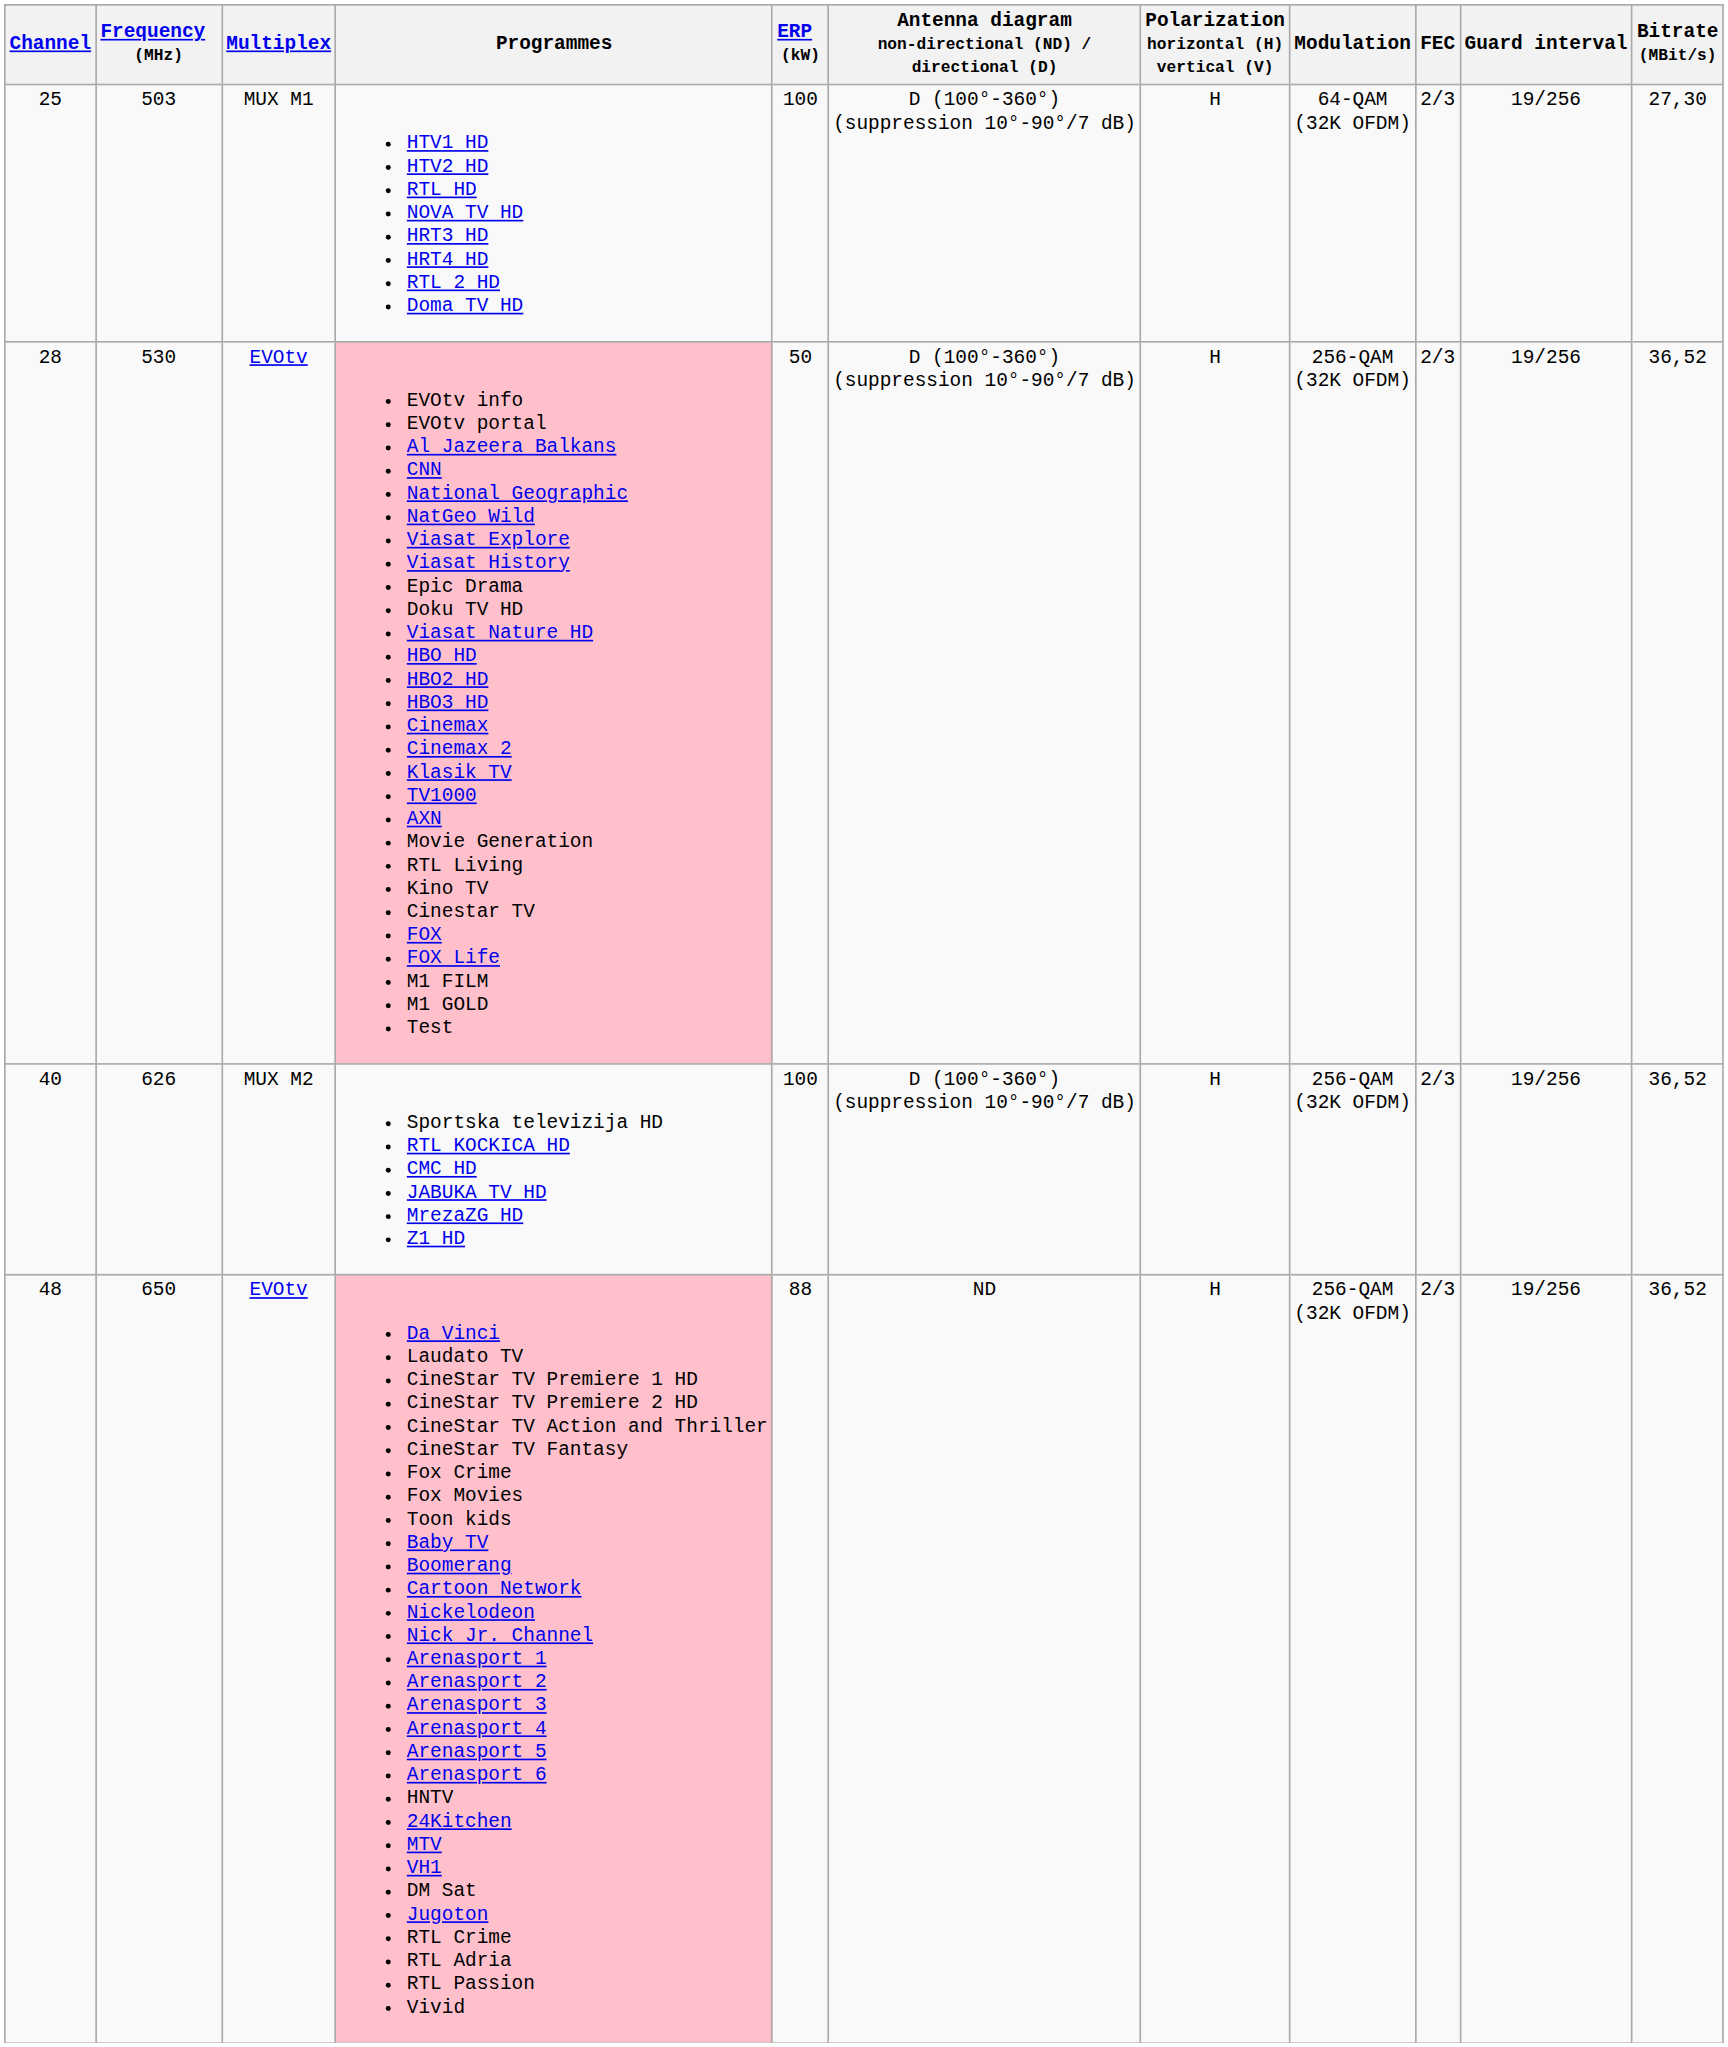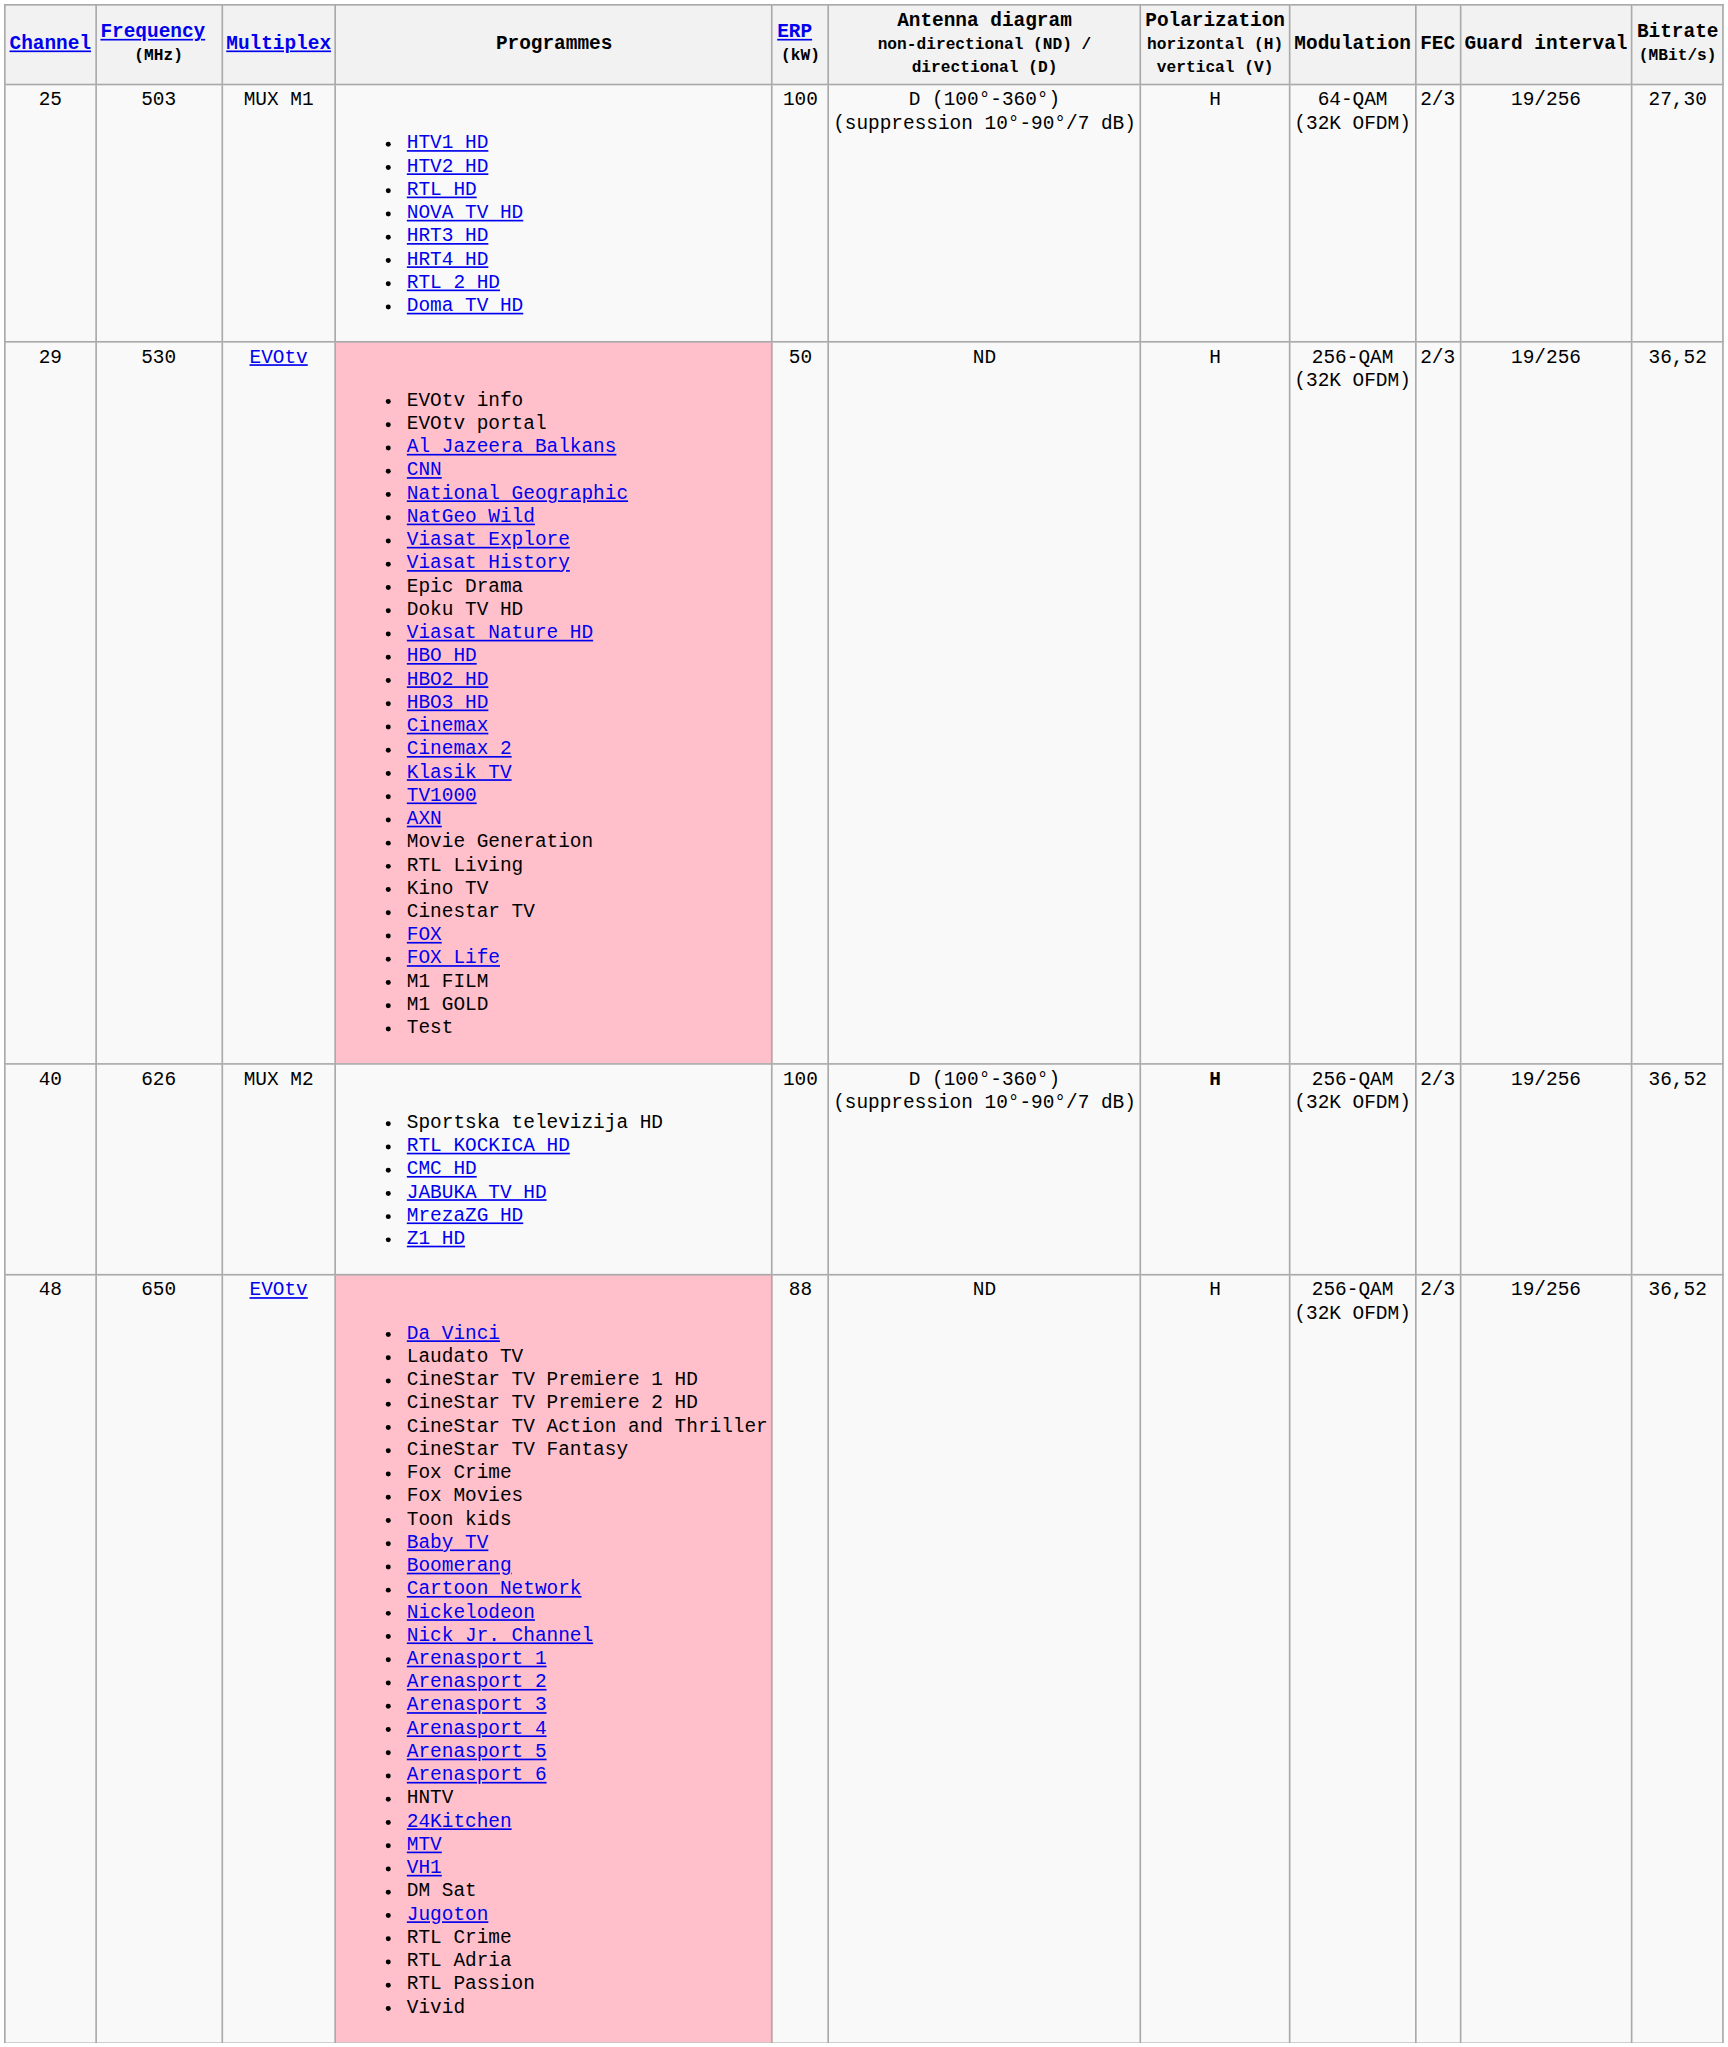 <table class="wikitable" style="font-size: 90%;">
 <tr>
 <th><a href='#'>Channel</a></th>
 <th><a href='#'>Frequency</a> <br><small>(MHz)</small></th>
 <th><a href='#'>Multiplex</a></th>
 <th>Programmes</th>
 <th><a href='#'>ERP</a> <br><small>(kW)</small></th>
 <th>Antenna diagram<br><small>non-directional (ND) /<br>directional (D)</small></th>
 <th>Polarization<br><small>horizontal (H) <br> vertical (V)</small></th>
 <th>Modulation</th>
 <th>FEC</th>
 <th>Guard interval</th>
 <th>Bitrate <br><small>(MBit/s)</small></th>
 </tr>
 <tr style="vertical-align: top">
 <td align="center">25</td>
 <td align="center">503</td>
 <td align="center">MUX M1</td>
 <td><br><ul><li><a href='#'>HTV1 HD</a></li><li><a href='#'>HTV2 HD</a></li><li><a href='#'>RTL HD</a></li><li><a href='#'>NOVA TV HD</a></li><li><a href='#'>HRT3 HD</a></li><li><a href='#'>HRT4 HD</a></li><li><a href='#'>RTL 2 HD</a></li><li><a href='#'>Doma TV HD</a></li></ul></td>
 <td align="center">100</td>
 <td align="center">D (100°-360°) <br> (suppression 10°-90°/7 dB)</td>
 <td align="center">H</td>
 <td align="center">64-QAM <br> (32K OFDM)</td>
 <td align="center">2/3</td>
 <td align="center">19/256</td>
 <td align="center">27,30</td>
 </tr>
 <tr style="vertical-align: top">
-<td align="center">28</td>
+<td align="center">29</td>
 <td align="center">530</td>
 <td align="center"><a href='#'>EVOtv</a></td>
 <td bgcolor="Pink"><br><ul><li>EVOtv info</li><li>EVOtv portal</li><li><a href='#'>Al Jazeera Balkans</a></li><li><a href='#'>CNN</a></li><li><a href='#'>National Geographic</a></li><li><a href='#'>NatGeo Wild</a></li><li><a href='#'>Viasat Explore</a></li><li><a href='#'>Viasat History</a></li><li>Epic Drama</li><li>Doku TV HD</li><li><a href='#'>Viasat Nature HD</a></li><li><a href='#'>HBO HD</a></li><li><a href='#'>HBO2 HD</a></li><li><a href='#'>HBO3 HD</a></li><li><a href='#'>Cinemax</a></li><li><a href='#'>Cinemax 2</a></li><li><a href='#'>Klasik TV</a></li><li><a href='#'>TV1000</a></li><li><a href='#'>AXN</a></li><li>Movie Generation</li><li>RTL Living</li><li>Kino TV</li><li>Cinestar TV</li><li><a href='#'>FOX</a></li><li><a href='#'>FOX Life</a></li><li>M1 FILM</li><li>M1 GOLD</li><li>Test</li></ul></td>
 <td align="center">50</td>
-<td align="center">D (100°-360°) <br> (suppression 10°-90°/7 dB)</td>
+<td align="center">ND</td>
 <td align="center">H</td>
 <td align="center">256-QAM <br> (32K OFDM)</td>
 <td align="center">2/3</td>
 <td align="center">19/256</td>
 <td align="center">36,52</td>
 </tr>
 <tr style="vertical-align: top">
 <td align="center">40</td>
 <td align="center">626</td>
 <td align="center">MUX M2</td>
 <td><br><ul><li>Sportska televizija HD</li><li><a href='#'>RTL KOCKICA HD</a></li><li><a href='#'>CMC HD</a></li><li><a href='#'>JABUKA TV HD</a></li><li><a href='#'>MrezaZG HD</a></li><li><a href='#'>Z1 HD</a></li></ul></td>
 <td align="center">100</td>
 <td align="center">D (100°-360°) <br> (suppression 10°-90°/7 dB)</td>
-<td align="center">H</td>
+<td align="center"><strong>H</strong></td>
 <td align="center">256-QAM <br> (32K OFDM)</td>
 <td align="center">2/3</td>
 <td align="center">19/256</td>
 <td align="center">36,52</td>
 </tr>
 <tr style="vertical-align: top">
 <td align="center">48</td>
 <td align="center">650</td>
 <td align="center"><a href='#'>EVOtv</a></td>
 <td bgcolor="Pink"><br><ul><li><a href='#'>Da Vinci</a></li><li>Laudato TV</li><li>CineStar TV Premiere 1 HD</li><li>CineStar TV Premiere 2 HD</li><li>CineStar TV Action and Thriller</li><li>CineStar TV Fantasy</li><li>Fox Crime</li><li>Fox Movies</li><li>Toon kids</li><li><a href='#'>Baby TV</a></li><li><a href='#'>Boomerang</a></li><li><a href='#'>Cartoon Network</a></li><li><a href='#'>Nickelodeon</a></li><li><a href='#'>Nick Jr. Channel</a></li><li><a href='#'>Arenasport 1</a></li><li><a href='#'>Arenasport 2</a></li><li><a href='#'>Arenasport 3</a></li><li><a href='#'>Arenasport 4</a></li><li><a href='#'>Arenasport 5</a></li><li><a href='#'>Arenasport 6</a></li><li>HNTV</li><li><a href='#'>24Kitchen</a></li><li><a href='#'>MTV</a></li><li><a href='#'>VH1</a></li><li>DM Sat</li><li><a href='#'>Jugoton</a></li><li>RTL Crime</li><li>RTL Adria</li><li>RTL Passion</li><li>Vivid</li></ul></td>
 <td align="center">88</td>
 <td align="center">ND</td>
 <td align="center">H</td>
 <td align="center">256-QAM <br> (32K OFDM)</td>
 <td align="center">2/3</td>
 <td align="center">19/256</td>
 <td align="center">36,52</td>
 </tr>
 </table>
